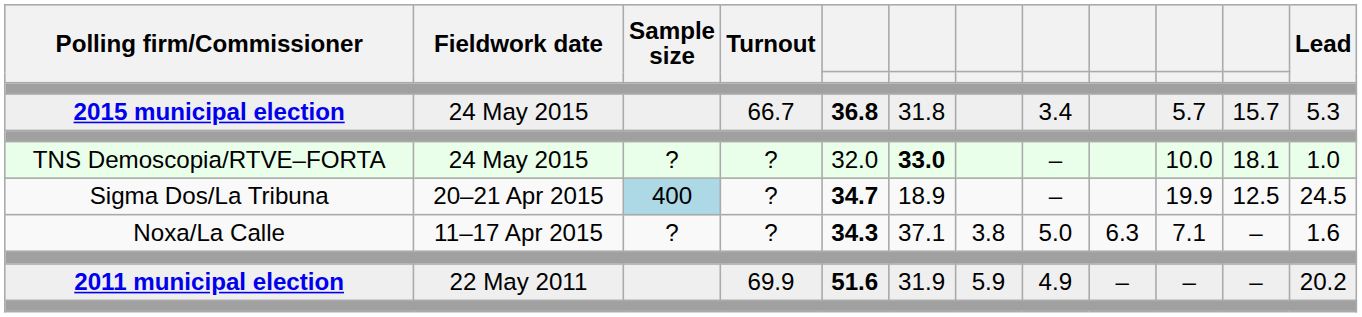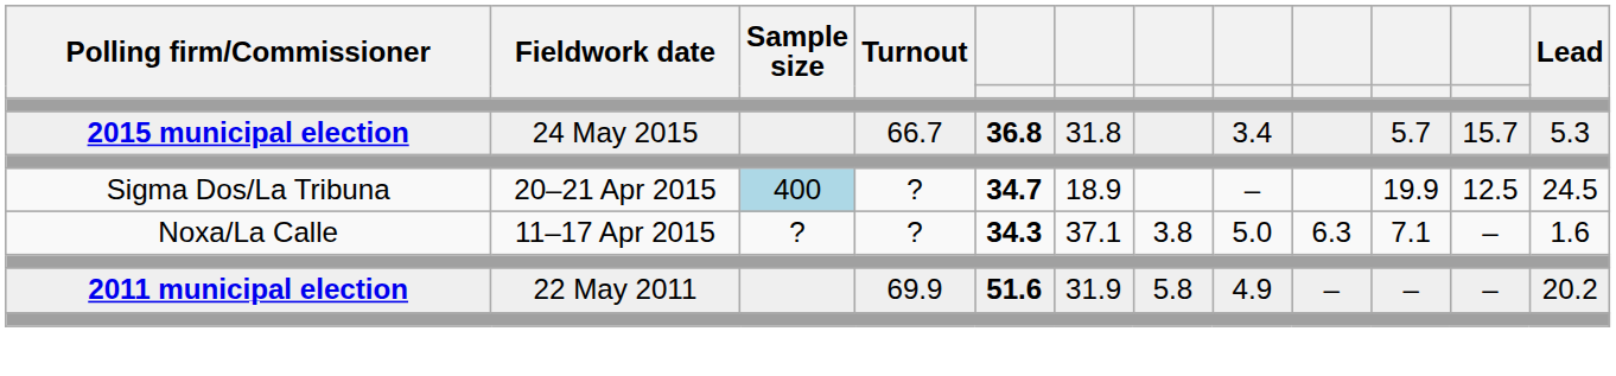 <table class="wikitable collapsible collapsed" style="text-align:center; font-size:95%; line-height:16px;">
 <tr style="height:42px;">
 <th style="width:250px;" rowspan="2">Polling firm/Commissioner</th>
 <th style="width:125px;" rowspan="2">Fieldwork date</th>
 <th style="width:50px;" rowspan="2">Sample size</th>
 <th style="width:45px;" rowspan="2">Turnout</th>
 <th style="width:35px;"></th>
 <th style="width:35px;"></th>
 <th style="width:35px;"></th>
 <th style="width:35px;"></th>
 <th style="width:35px;"></th>
 <th style="width:35px;"></th>
 <th style="width:35px;"></th>
 <th style="width:30px;" rowspan="2">Lead</th>
 </tr>
 <tr>
 <th style="color:inherit;background:"></th>
 <th style="color:inherit;background:"></th>
 <th style="color:inherit;background:"></th>
 <th style="color:inherit;background:"></th>
 <th style="color:inherit;background:"></th>
 <th style="color:inherit;background:"></th>
 <th style="color:inherit;background:"></th>
 </tr>
 <tr>
 <td colspan="12" style="background:#A0A0A0"></td>
 </tr>
 <tr style="background:#EFEFEF;">
 <td><strong><a href='#'>2015 municipal election</a></strong></td>
 <td>24 May 2015</td>
 <td></td>
 <td>66.7</td>
 <td><strong>36.8</strong><br></td>
 <td>31.8<br></td>
 <td></td>
 <td>3.4<br></td>
 <td></td>
 <td>5.7<br></td>
 <td>15.7<br></td>
 <td style="background:">5.3</td>
 </tr>
 <tr>
 <td colspan="12" style="background:#A0A0A0"></td>
 </tr>
-<tr style="background:#EAFFEA;">
-<td>TNS Demoscopia/RTVE–FORTA</td>
-<td>24 May 2015</td>
-<td>?</td>
-<td>?</td>
-<td>32.0<br></td>
-<td><strong>33.0</strong><br></td>
-<td></td>
-<td>–</td>
-<td></td>
-<td>10.0<br></td>
-<td>18.1<br></td>
-<td style="background:">1.0</td>
-</tr>
 <tr>
 <td>Sigma Dos/La Tribuna</td>
 <td>20–21 Apr 2015</td>
 <td style="background: lightblue;">400</td>
 <td>?</td>
 <td><strong>34.7</strong><br></td>
 <td>18.9<br></td>
 <td></td>
 <td>–</td>
 <td></td>
 <td>19.9<br></td>
 <td>12.5<br></td>
 <td style="background:">24.5</td>
 </tr>
 <tr>
 <td>Noxa/La Calle</td>
 <td>11–17 Apr 2015</td>
 <td>?</td>
 <td>?</td>
 <td><strong>34.3</strong></td>
 <td>37.1</td>
 <td>3.8</td>
 <td>5.0</td>
 <td>6.3</td>
 <td>7.1</td>
 <td>–</td>
 <td style="background:">1.6</td>
 </tr>
 <tr>
 <td colspan="12" style="background:#A0A0A0"></td>
 </tr>
 <tr style="background:#EFEFEF;">
 <td><strong><a href='#'>2011 municipal election</a></strong></td>
 <td>22 May 2011</td>
 <td></td>
 <td>69.9</td>
 <td><strong>51.6</strong><br></td>
 <td>31.9<br></td>
-<td>5.9<br></td>
+<td>5.8<br></td>
 <td>4.9<br></td>
 <td>–</td>
 <td>–</td>
 <td>–</td>
 <td style="background:">20.2</td>
 </tr>
 <tr>
 <td colspan="12" style="background:#A0A0A0"></td>
 </tr>
 </table>
